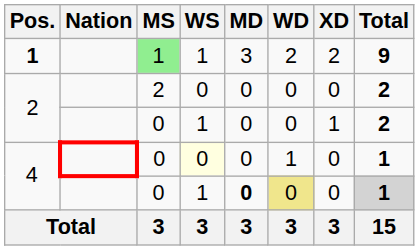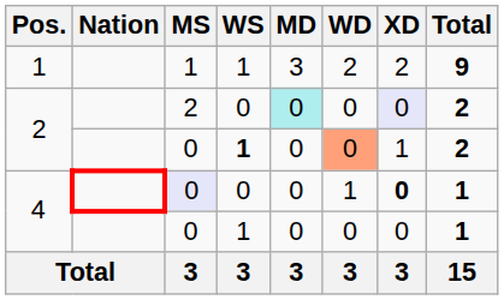 <table class="wikitable" style="text-align:center">
 <tr>
 <th>Pos.</th>
 <th>Nation</th>
 <th>MS</th>
 <th>WS</th>
 <th>MD</th>
 <th>WD</th>
 <th>XD</th>
 <th>Total</th>
 </tr>
 <tr>
-<td><strong>1</strong></td>
+<td>1</td>
 <td align="left"></td>
-<td style="background: lightgreen;">1</td>
+<td>1</td>
 <td>1</td>
 <td>3</td>
 <td>2</td>
 <td>2</td>
 <td><strong>9</strong></td>
 </tr>
 <tr>
 <td rowspan="2">2</td>
 <td align="left"></td>
 <td>2</td>
 <td>0</td>
+<td style="background: paleturquoise;">0</td>
+<td>0</td>
+<td style="background: lavender;">0</td>
+<td><strong>2</strong></td>
+</tr>
+<tr>
+<td align="left"></td>
+<td>0</td>
+<td><strong>1</strong></td>
+<td>0</td>
+<td style="background: lightsalmon;">0</td>
+<td>1</td>
+<td><strong>2</strong></td>
+</tr>
+<tr>
+<td rowspan="2">4</td>
+<td align="left" style="border: 3px solid red"><strong></strong></td>
+<td style="background: lavender;">0</td>
 <td>0</td>
 <td>0</td>
-<td>0</td>
-<td><strong>2</strong></td>
+<td>1</td>
+<td><strong>0</strong></td>
+<td><strong>1</strong></td>
 </tr>
 <tr>
 <td align="left"></td>
 <td>0</td>
 <td>1</td>
 <td>0</td>
 <td>0</td>
-<td>1</td>
-<td><strong>2</strong></td>
-</tr>
-<tr>
-<td rowspan="2">4</td>
-<td align="left" style="border: 3px solid red"><strong></strong></td>
-<td>0</td>
-<td style="background: lightyellow;">0</td>
-<td>0</td>
-<td>1</td>
 <td>0</td>
 <td><strong>1</strong></td>
-</tr>
-<tr>
-<td align="left"></td>
-<td>0</td>
-<td>1</td>
-<td><strong>0</strong></td>
-<td style="background: khaki;">0</td>
-<td>0</td>
-<td style="background: lightgrey;"><strong>1</strong></td>
 </tr>
 <tr>
 <th colspan="2">Total</th>
 <th>3</th>
 <th>3</th>
 <th>3</th>
 <th>3</th>
 <th>3</th>
 <th>15</th>
 </tr>
 </table>
